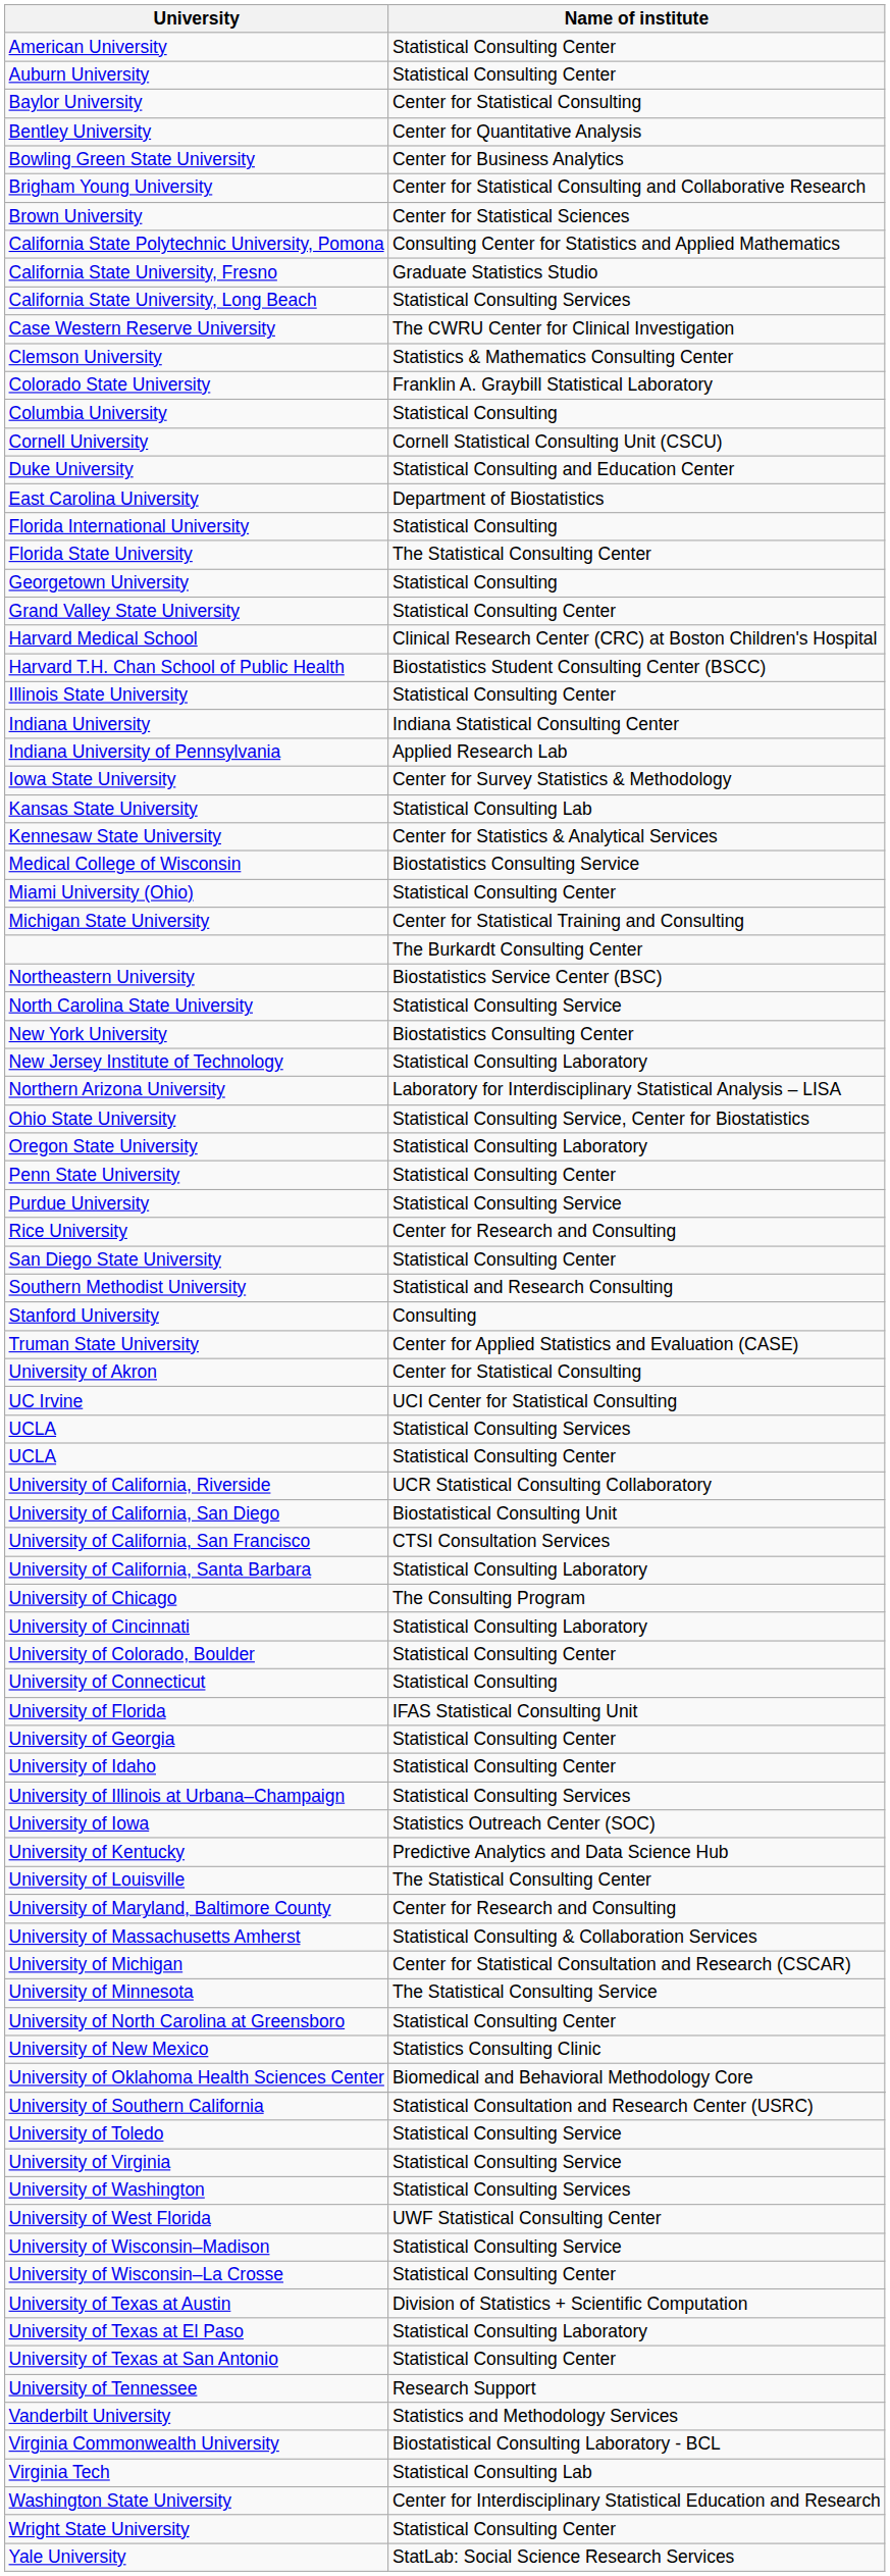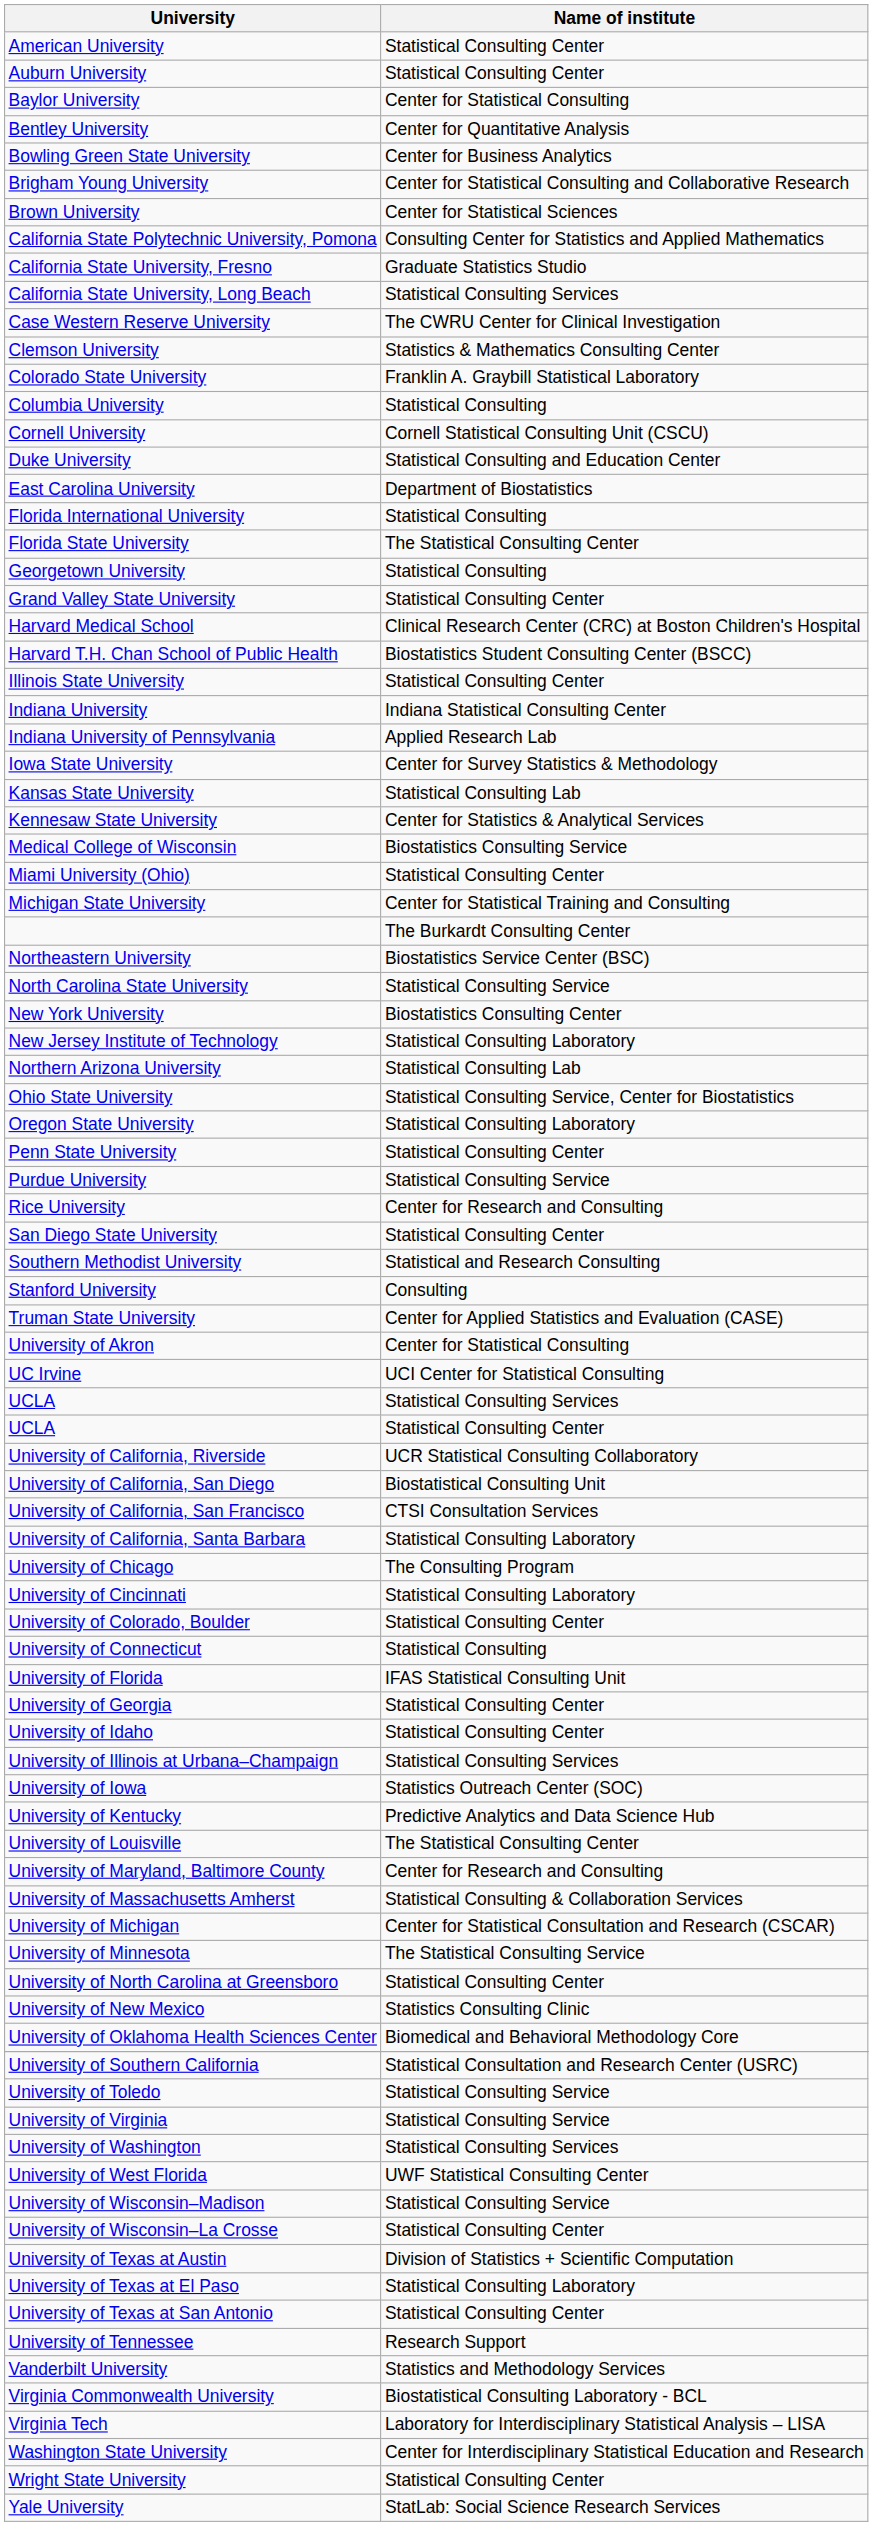 <table class="wikitable">
 <tr>
 <th>University</th>
 <th>Name of institute</th>
 </tr>
 <tr>
 <td><a href='#'>American University</a></td>
 <td>Statistical Consulting Center</td>
 </tr>
 <tr>
 <td><a href='#'>Auburn University</a></td>
 <td>Statistical Consulting Center</td>
 </tr>
 <tr>
 <td><a href='#'>Baylor University</a></td>
 <td>Center for Statistical Consulting</td>
 </tr>
 <tr>
 <td><a href='#'>Bentley University</a></td>
 <td>Center for Quantitative Analysis</td>
 </tr>
 <tr>
 <td><a href='#'>Bowling Green State University</a></td>
 <td>Center for Business Analytics</td>
 </tr>
 <tr>
 <td><a href='#'>Brigham Young University</a></td>
 <td>Center for Statistical Consulting and Collaborative Research</td>
 </tr>
 <tr>
 <td><a href='#'>Brown University</a></td>
 <td>Center for Statistical Sciences</td>
 </tr>
 <tr>
 <td><a href='#'>California State Polytechnic University, Pomona</a></td>
 <td>Consulting Center for Statistics and Applied Mathematics</td>
 </tr>
 <tr>
 <td><a href='#'>California State University, Fresno</a></td>
 <td>Graduate Statistics Studio</td>
 </tr>
 <tr>
 <td><a href='#'>California State University, Long Beach</a></td>
 <td>Statistical Consulting Services</td>
 </tr>
 <tr>
 <td><a href='#'>Case Western Reserve University</a></td>
 <td>The CWRU Center for Clinical Investigation</td>
 </tr>
 <tr>
 <td><a href='#'>Clemson University</a></td>
 <td>Statistics & Mathematics Consulting Center</td>
 </tr>
 <tr>
 <td><a href='#'>Colorado State University</a></td>
 <td>Franklin A. Graybill Statistical Laboratory</td>
 </tr>
 <tr>
 <td><a href='#'>Columbia University</a></td>
 <td>Statistical Consulting</td>
 </tr>
 <tr>
 <td><a href='#'>Cornell University</a></td>
 <td>Cornell Statistical Consulting Unit (CSCU)</td>
 </tr>
 <tr>
 <td><a href='#'>Duke University</a></td>
 <td>Statistical Consulting and Education Center</td>
 </tr>
 <tr>
 <td><a href='#'>East Carolina University</a></td>
 <td>Department of Biostatistics</td>
 </tr>
 <tr>
 <td><a href='#'>Florida International University</a></td>
 <td>Statistical Consulting</td>
 </tr>
 <tr>
 <td><a href='#'>Florida State University</a></td>
 <td>The Statistical Consulting Center</td>
 </tr>
 <tr>
 <td><a href='#'>Georgetown University</a></td>
 <td>Statistical Consulting</td>
 </tr>
 <tr>
 <td><a href='#'>Grand Valley State University</a></td>
 <td>Statistical Consulting Center</td>
 </tr>
 <tr>
 <td><a href='#'>Harvard Medical School</a></td>
 <td>Clinical Research Center (CRC) at Boston Children's Hospital</td>
 </tr>
 <tr>
 <td><a href='#'>Harvard T.H. Chan School of Public Health</a></td>
 <td>Biostatistics Student Consulting Center (BSCC)</td>
 </tr>
 <tr>
 <td><a href='#'>Illinois State University</a></td>
 <td>Statistical Consulting Center</td>
 </tr>
 <tr>
 <td><a href='#'>Indiana University</a></td>
 <td>Indiana Statistical Consulting Center</td>
 </tr>
 <tr>
 <td><a href='#'>Indiana University of Pennsylvania</a></td>
 <td>Applied Research Lab</td>
 </tr>
 <tr>
 <td><a href='#'>Iowa State University</a></td>
 <td>Center for Survey Statistics & Methodology</td>
 </tr>
 <tr>
 <td><a href='#'>Kansas State University</a></td>
 <td>Statistical Consulting Lab</td>
 </tr>
 <tr>
 <td><a href='#'>Kennesaw State University</a></td>
 <td>Center for Statistics & Analytical Services</td>
 </tr>
 <tr>
 <td><a href='#'>Medical College of Wisconsin</a></td>
 <td>Biostatistics Consulting Service</td>
 </tr>
 <tr>
 <td><a href='#'>Miami University (Ohio)</a></td>
 <td>Statistical Consulting Center</td>
 </tr>
 <tr>
 <td><a href='#'>Michigan State University</a></td>
 <td>Center for Statistical Training and Consulting</td>
 </tr>
 <tr>
 <td></td>
 <td>The Burkardt Consulting Center</td>
 </tr>
 <tr>
 <td><a href='#'>Northeastern University</a></td>
 <td>Biostatistics Service Center (BSC)</td>
 </tr>
 <tr>
 <td><a href='#'>North Carolina State University</a></td>
 <td>Statistical Consulting Service</td>
 </tr>
 <tr>
 <td><a href='#'>New York University</a></td>
 <td>Biostatistics Consulting Center</td>
 </tr>
 <tr>
 <td><a href='#'>New Jersey Institute of Technology</a></td>
 <td>Statistical Consulting Laboratory</td>
 </tr>
 <tr>
 <td><a href='#'>Northern Arizona University</a></td>
-<td>Laboratory for Interdisciplinary Statistical Analysis – LISA</td>
+<td>Statistical Consulting Lab</td>
 </tr>
 <tr>
 <td><a href='#'>Ohio State University</a></td>
 <td>Statistical Consulting Service, Center for Biostatistics</td>
 </tr>
 <tr>
 <td><a href='#'>Oregon State University</a></td>
 <td>Statistical Consulting Laboratory</td>
 </tr>
 <tr>
 <td><a href='#'>Penn State University</a></td>
 <td>Statistical Consulting Center</td>
 </tr>
 <tr>
 <td><a href='#'>Purdue University</a></td>
 <td>Statistical Consulting Service</td>
 </tr>
 <tr>
 <td><a href='#'>Rice University</a></td>
 <td>Center for Research and Consulting</td>
 </tr>
 <tr>
 <td><a href='#'>San Diego State University</a></td>
 <td>Statistical Consulting Center</td>
 </tr>
 <tr>
 <td><a href='#'>Southern Methodist University</a></td>
 <td>Statistical and Research Consulting</td>
 </tr>
 <tr>
 <td><a href='#'>Stanford University</a></td>
 <td>Consulting</td>
 </tr>
 <tr>
 <td><a href='#'>Truman State University</a></td>
 <td>Center for Applied Statistics and Evaluation (CASE)</td>
 </tr>
 <tr>
 <td><a href='#'>University of Akron</a></td>
 <td>Center for Statistical Consulting</td>
 </tr>
 <tr>
 <td><a href='#'>UC Irvine</a></td>
 <td>UCI Center for Statistical Consulting</td>
 </tr>
 <tr>
 <td><a href='#'>UCLA</a></td>
 <td>Statistical Consulting Services</td>
 </tr>
 <tr>
 <td><a href='#'>UCLA</a></td>
 <td>Statistical Consulting Center</td>
 </tr>
 <tr>
 <td><a href='#'>University of California, Riverside</a></td>
 <td>UCR Statistical Consulting Collaboratory</td>
 </tr>
 <tr>
 <td><a href='#'>University of California, San Diego</a></td>
 <td>Biostatistical Consulting Unit</td>
 </tr>
 <tr>
 <td><a href='#'>University of California, San Francisco</a></td>
 <td>CTSI Consultation Services</td>
 </tr>
 <tr>
 <td><a href='#'>University of California, Santa Barbara</a></td>
 <td>Statistical Consulting Laboratory</td>
 </tr>
 <tr>
 <td><a href='#'>University of Chicago</a></td>
 <td>The Consulting Program</td>
 </tr>
 <tr>
 <td><a href='#'>University of Cincinnati</a></td>
 <td>Statistical Consulting Laboratory</td>
 </tr>
 <tr>
 <td><a href='#'>University of Colorado, Boulder</a></td>
 <td>Statistical Consulting Center</td>
 </tr>
 <tr>
 <td><a href='#'>University of Connecticut</a></td>
 <td>Statistical Consulting</td>
 </tr>
 <tr>
 <td><a href='#'>University of Florida</a></td>
 <td>IFAS Statistical Consulting Unit</td>
 </tr>
 <tr>
 <td><a href='#'>University of Georgia</a></td>
 <td>Statistical Consulting Center</td>
 </tr>
 <tr>
 <td><a href='#'>University of Idaho</a></td>
 <td>Statistical Consulting Center</td>
 </tr>
 <tr>
 <td><a href='#'>University of Illinois at Urbana–Champaign</a></td>
 <td>Statistical Consulting Services</td>
 </tr>
 <tr>
 <td><a href='#'>University of Iowa</a></td>
 <td>Statistics Outreach Center (SOC)</td>
 </tr>
 <tr>
 <td><a href='#'>University of Kentucky</a></td>
 <td>Predictive Analytics and Data Science Hub</td>
 </tr>
 <tr>
 <td><a href='#'>University of Louisville</a></td>
 <td>The Statistical Consulting Center</td>
 </tr>
 <tr>
 <td><a href='#'>University of Maryland, Baltimore County</a></td>
 <td>Center for Research and Consulting</td>
 </tr>
 <tr>
 <td><a href='#'>University of Massachusetts Amherst</a></td>
 <td>Statistical Consulting & Collaboration Services</td>
 </tr>
 <tr>
 <td><a href='#'>University of Michigan</a></td>
 <td>Center for Statistical Consultation and Research (CSCAR)</td>
 </tr>
 <tr>
 <td><a href='#'>University of Minnesota</a></td>
 <td>The Statistical Consulting Service</td>
 </tr>
 <tr>
 <td><a href='#'>University of North Carolina at Greensboro</a></td>
 <td>Statistical Consulting Center</td>
 </tr>
 <tr>
 <td><a href='#'>University of New Mexico</a></td>
 <td>Statistics Consulting Clinic</td>
 </tr>
 <tr>
 <td><a href='#'>University of Oklahoma Health Sciences Center</a></td>
 <td>Biomedical and Behavioral Methodology Core</td>
 </tr>
 <tr>
 </tr>
 <tr | >
 </tr>
 <tr>
 <td><a href='#'>University of Southern California</a></td>
 <td>Statistical Consultation and Research Center (USRC)</td>
 </tr>
 <tr>
 <td><a href='#'>University of Toledo</a></td>
 <td>Statistical Consulting Service</td>
 </tr>
 <tr>
 <td><a href='#'>University of Virginia</a></td>
 <td>Statistical Consulting Service</td>
 </tr>
 <tr>
 <td><a href='#'>University of Washington</a></td>
 <td>Statistical Consulting Services</td>
 </tr>
 <tr>
 <td><a href='#'>University of West Florida</a></td>
 <td>UWF Statistical Consulting Center</td>
 </tr>
 <tr>
 <td><a href='#'>University of Wisconsin–Madison</a></td>
 <td>Statistical Consulting Service</td>
 </tr>
 <tr>
 <td><a href='#'>University of Wisconsin–La Crosse</a></td>
 <td>Statistical Consulting Center</td>
 </tr>
 <tr>
 <td><a href='#'>University of Texas at Austin</a></td>
 <td>Division of Statistics + Scientific Computation</td>
 </tr>
 <tr>
 <td><a href='#'>University of Texas at El Paso</a></td>
 <td>Statistical Consulting Laboratory</td>
 </tr>
 <tr>
 <td><a href='#'>University of Texas at San Antonio</a></td>
 <td>Statistical Consulting Center</td>
 </tr>
 <tr>
 <td><a href='#'>University of Tennessee</a></td>
 <td>Research Support</td>
 </tr>
 <tr>
 <td><a href='#'>Vanderbilt University</a></td>
 <td>Statistics and Methodology Services</td>
 </tr>
 <tr>
 <td><a href='#'>Virginia Commonwealth University</a></td>
 <td>Biostatistical Consulting Laboratory - BCL</td>
 </tr>
 <tr>
 <td><a href='#'>Virginia Tech</a></td>
-<td>Statistical Consulting Lab</td>
+<td>Laboratory for Interdisciplinary Statistical Analysis – LISA</td>
 </tr>
 <tr>
 <td><a href='#'>Washington State University</a></td>
 <td>Center for Interdisciplinary Statistical Education and Research</td>
 </tr>
 <tr>
 <td><a href='#'>Wright State University</a></td>
 <td>Statistical Consulting Center</td>
 </tr>
 <tr>
 <td><a href='#'>Yale University</a></td>
 <td>StatLab: Social Science Research Services</td>
 </tr>
 </table>
